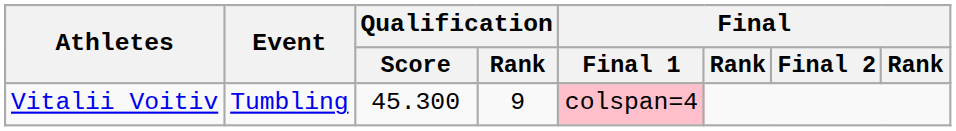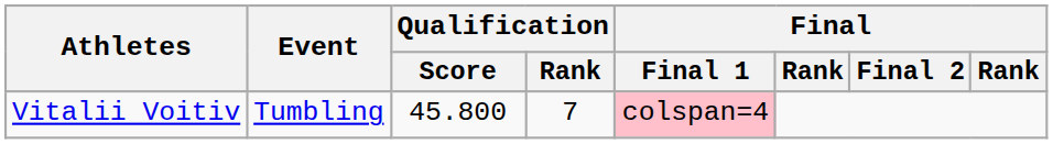 <table class=wikitable style="font-size:90%">
 <tr>
 <th rowspan="2">Athletes</th>
 <th rowspan="2">Event</th>
 <th colspan="2">Qualification</th>
 <th colspan="4">Final</th>
 </tr>
 <tr style="font-size:95%">
 <th>Score</th>
 <th>Rank</th>
 <th>Final 1</th>
 <th>Rank</th>
 <th>Final 2</th>
 <th>Rank</th>
 </tr>
 <tr align=center>
 <td align=left><a href='#'>Vitalii Voitiv</a></td>
 <td align=left><a href='#'>Tumbling</a></td>
-<td>45.300</td>
-<td>9</td>
+<td>45.800</td>
+<td>7</td>
 <td style="background: pink;">colspan=4 </td>
 </tr>
 </table>
